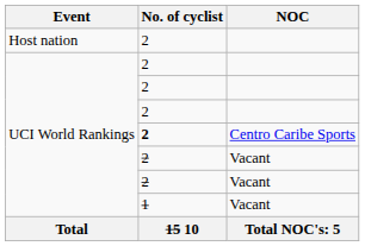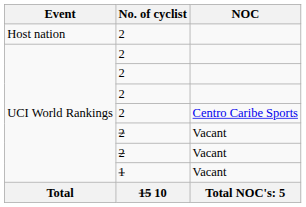 <table class="wikitable">
 <tr>
 <th>Event</th>
 <th>No. of cyclist</th>
 <th>NOC</th>
 </tr>
 <tr>
 <td>Host nation</td>
 <td>2</td>
 <td style="text-align:center;"></td>
 </tr>
 <tr>
 <td rowspan="7">UCI World Rankings</td>
 <td>2</td>
 <td></td>
 </tr>
 <tr>
 <td>2</td>
 <td></td>
 </tr>
 <tr>
 <td>2</td>
 <td></td>
 </tr>
 <tr>
-<td><strong>2</strong></td>
+<td>2</td>
 <td><a href='#'>Centro Caribe Sports</a></td>
 </tr>
 <tr>
 <td><s>2</s></td>
 <td>Vacant</td>
 </tr>
 <tr>
 <td><s>2</s></td>
 <td>Vacant</td>
 </tr>
 <tr>
 <td><s>1</s></td>
 <td>Vacant</td>
 </tr>
 <tr>
 <th>Total</th>
 <th><s>15</s> 10</th>
 <th>Total NOC's: 5</th>
 </tr>
 </table>
